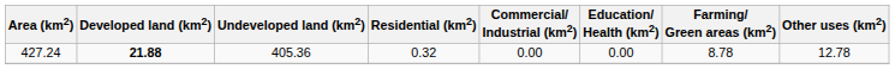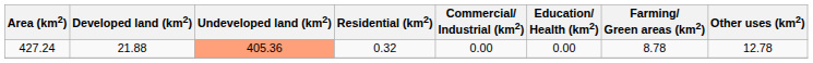 <table class="wikitable" style="text-align: center;">
 <tr>
 <th>Area (km<sup>2</sup>)</th>
 <th>Developed land (km<sup>2</sup>)</th>
 <th>Undeveloped land (km<sup>2</sup>)</th>
 <th>Residential (km<sup>2</sup>)</th>
 <th>Commercial/<br> Industrial (km<sup>2</sup>)</th>
 <th>Education/<br> Health (km<sup>2</sup>)</th>
 <th>Farming/<br> Green areas (km<sup>2</sup>)</th>
 <th>Other uses (km<sup>2</sup>)</th>
 </tr>
 <tr>
 <td>427.24</td>
-<td><strong>21.88</strong></td>
-<td>405.36</td>
+<td>21.88</td>
+<td style="background: lightsalmon;">405.36</td>
 <td>0.32</td>
 <td>0.00</td>
 <td>0.00</td>
 <td>8.78</td>
 <td>12.78</td>
 </tr>
 <tr>
 </tr>
 </table>
